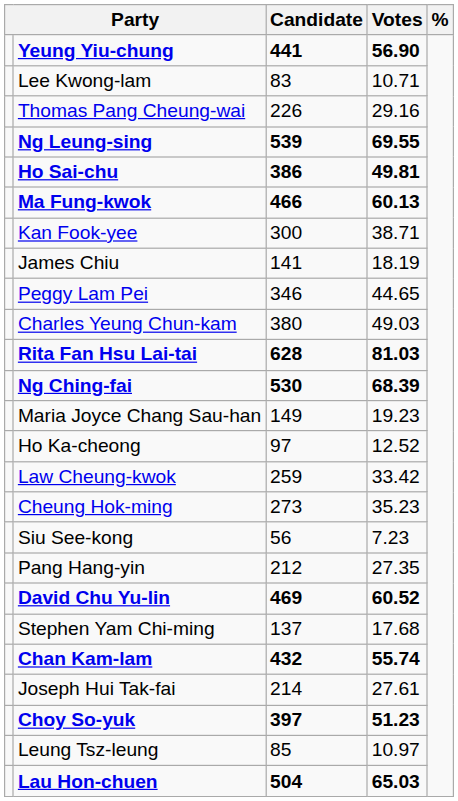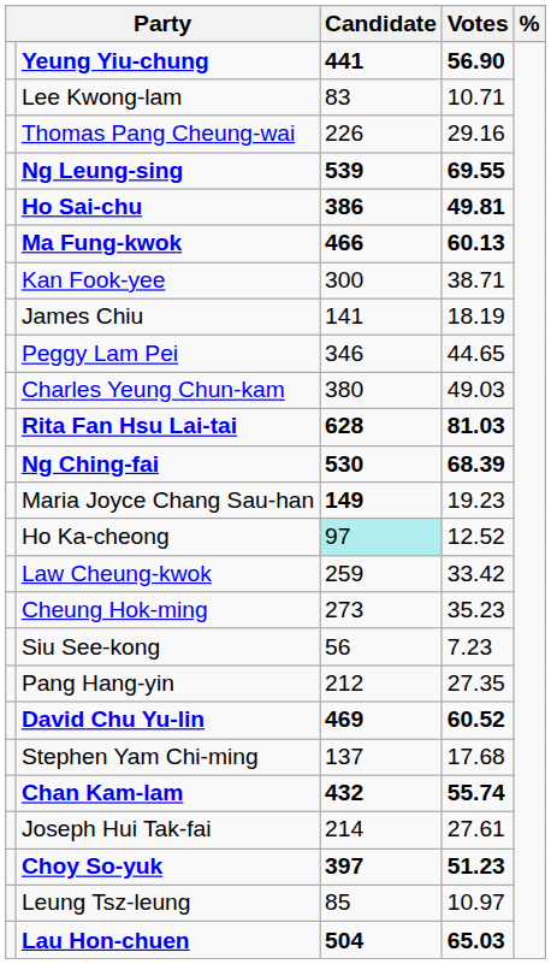 <table class="wikitable sortable">
 <tr>
 <th colspan=2>Party</th>
 <th>Candidate</th>
 <th>Votes</th>
 <th>%</th>
 </tr>
 <tr>
 <td></td>
 <td><strong><a href='#'>Yeung Yiu-chung</a></strong></td>
 <td><strong>441</strong></td>
 <td><strong>56.90</strong></td>
 </tr>
 <tr>
 <td></td>
 <td>Lee Kwong-lam</td>
 <td>83</td>
 <td>10.71</td>
 </tr>
 <tr>
 <td></td>
 <td><a href='#'>Thomas Pang Cheung-wai</a></td>
 <td>226</td>
 <td>29.16</td>
 </tr>
 <tr>
 <td></td>
 <td><strong><a href='#'>Ng Leung-sing</a></strong></td>
 <td><strong>539</strong></td>
 <td><strong>69.55</strong></td>
 </tr>
 <tr>
 <td></td>
 <td><strong><a href='#'>Ho Sai-chu</a></strong></td>
 <td><strong>386</strong></td>
 <td><strong>49.81</strong></td>
 </tr>
 <tr>
 <td></td>
 <td><strong><a href='#'>Ma Fung-kwok</a></strong></td>
 <td><strong>466</strong></td>
 <td><strong>60.13</strong></td>
 </tr>
 <tr>
 <td></td>
 <td><a href='#'>Kan Fook-yee</a></td>
 <td>300</td>
 <td>38.71</td>
 </tr>
 <tr>
 <td></td>
 <td>James Chiu</td>
 <td>141</td>
 <td>18.19</td>
 </tr>
 <tr>
 <td></td>
 <td><a href='#'>Peggy Lam Pei</a></td>
 <td>346</td>
 <td>44.65</td>
 </tr>
 <tr>
 <td></td>
 <td><a href='#'>Charles Yeung Chun-kam</a></td>
 <td>380</td>
 <td>49.03</td>
 </tr>
 <tr>
 <td></td>
 <td><strong><a href='#'>Rita Fan Hsu Lai-tai</a></strong></td>
 <td><strong>628</strong></td>
 <td><strong>81.03</strong></td>
 </tr>
 <tr>
 <td></td>
 <td><strong><a href='#'>Ng Ching-fai</a></strong></td>
 <td><strong>530</strong></td>
 <td><strong>68.39</strong></td>
 </tr>
 <tr>
 <td></td>
 <td>Maria Joyce Chang Sau-han</td>
-<td>149</td>
+<td><strong>149</strong></td>
 <td>19.23</td>
 </tr>
 <tr>
 <td></td>
 <td>Ho Ka-cheong</td>
-<td>97</td>
+<td style="background: paleturquoise;">97</td>
 <td>12.52</td>
 </tr>
 <tr>
 <td></td>
 <td><a href='#'>Law Cheung-kwok</a></td>
 <td>259</td>
 <td>33.42</td>
 </tr>
 <tr>
 <td></td>
 <td><a href='#'>Cheung Hok-ming</a></td>
 <td>273</td>
 <td>35.23</td>
 </tr>
 <tr>
 <td></td>
 <td>Siu See-kong</td>
 <td>56</td>
 <td>7.23</td>
 </tr>
 <tr>
 <td></td>
 <td>Pang Hang-yin</td>
 <td>212</td>
 <td>27.35</td>
 </tr>
 <tr>
 <td></td>
 <td><strong><a href='#'>David Chu Yu-lin</a></strong></td>
 <td><strong>469</strong></td>
 <td><strong>60.52</strong></td>
 </tr>
 <tr>
 <td></td>
 <td>Stephen Yam Chi-ming</td>
 <td>137</td>
 <td>17.68</td>
 </tr>
 <tr>
 <td></td>
 <td><strong><a href='#'>Chan Kam-lam</a></strong></td>
 <td><strong>432</strong></td>
 <td><strong>55.74</strong></td>
 </tr>
 <tr>
 <td></td>
 <td>Joseph Hui Tak-fai</td>
 <td>214</td>
 <td>27.61</td>
 </tr>
 <tr>
 <td></td>
 <td><strong><a href='#'>Choy So-yuk</a></strong></td>
 <td><strong>397</strong></td>
 <td><strong>51.23</strong></td>
 </tr>
 <tr>
 <td></td>
 <td>Leung Tsz-leung</td>
 <td>85</td>
 <td>10.97</td>
 </tr>
 <tr>
 <td></td>
 <td><strong><a href='#'>Lau Hon-chuen</a></strong></td>
 <td><strong>504</strong></td>
 <td><strong>65.03</strong></td>
 </tr>
 </table>
